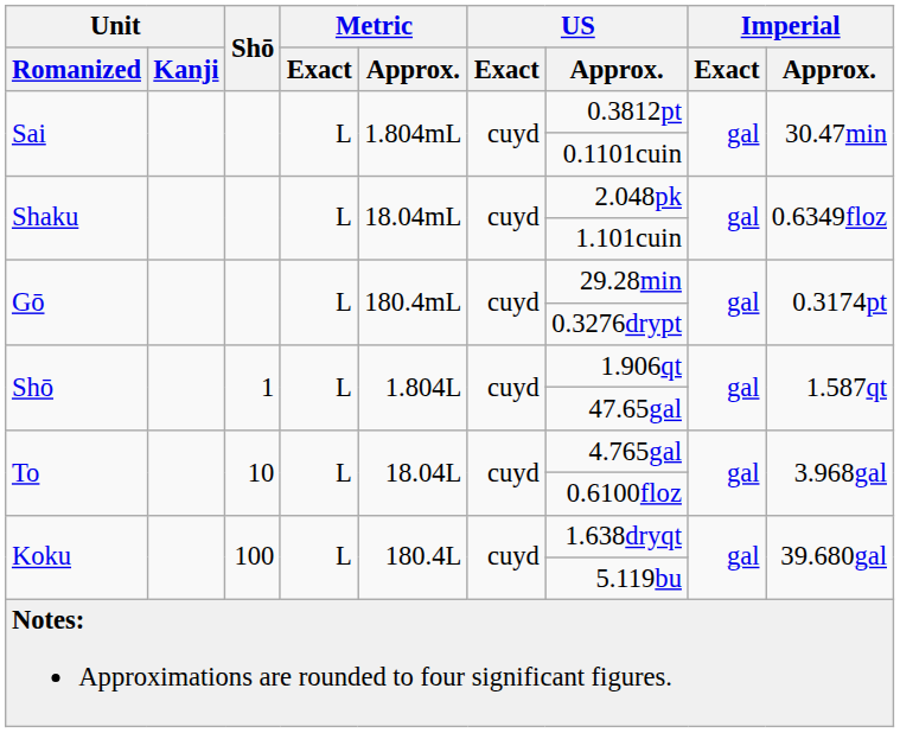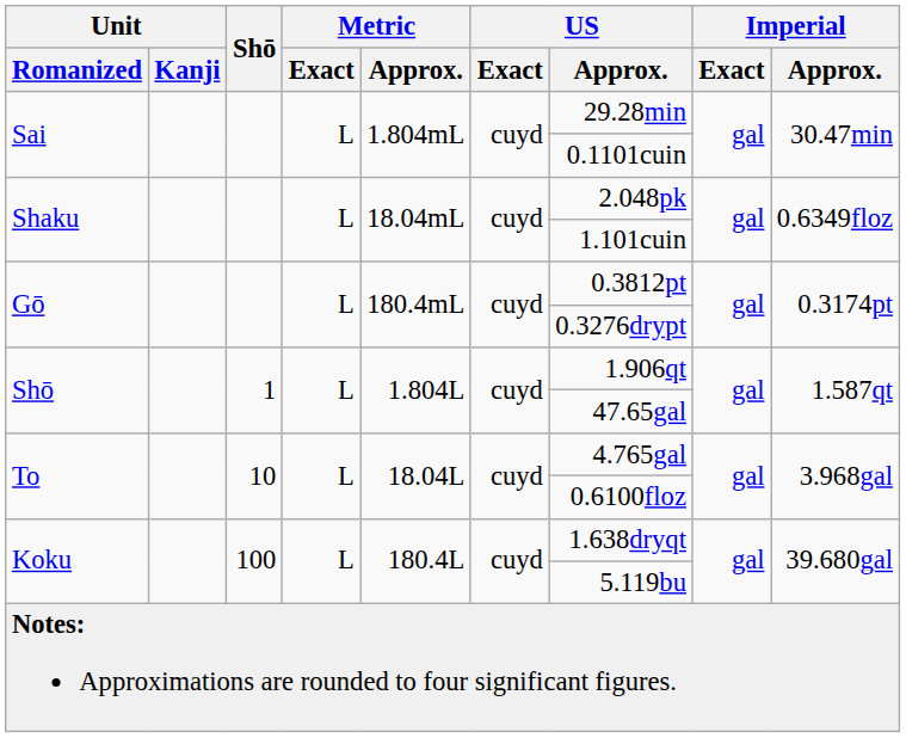 <table class="wikitable">
 <tr>
 <th colspan="2">Unit</th>
 <th rowspan="2">Shō</th>
 <th colspan="2"><a href='#'>Metric</a></th>
 <th colspan="2"><a href='#'>US</a></th>
 <th colspan="3"><a href='#'>Imperial</a></th>
 </tr>
 <tr>
 <th><a href='#'>Romanized</a></th>
 <th><a href='#'>Kanji</a></th>
 <th>Exact</th>
 <th>Approx.</th>
 <th>Exact</th>
 <th>Approx.</th>
 <th>Exact</th>
 <th>Approx.</th>
 </tr>
 <tr style="text-align: right">
 <td rowspan=2  style="text-align:left;"><a href='#'>Sai</a></td>
 <td rowspan=2 align="center"></td>
 <td rowspan=2 height="30pt"></td>
 <td rowspan=2>L</td>
 <td rowspan=2>1.804mL</td>
 <td rowspan=2>cuyd</td>
-<td>0.3812<a href='#'>pt</a></td>
+<td>29.28<a href='#'>min</a></td>
 <td rowspan=2><a href='#'>gal</a></td>
 <td rowspan=2>30.47<a href='#'>min</a></td>
 </tr>
 <tr style="text-align: right">
 <td>0.1101cuin</td>
 </tr>
 <tr style="text-align: right">
 <td rowspan=2  style="text-align:left;"><a href='#'>Shaku</a></td>
 <td rowspan=2 align="center"></td>
 <td rowspan=2 height="30pt"></td>
 <td rowspan=2>L</td>
 <td rowspan=2>18.04mL</td>
 <td rowspan=2>cuyd</td>
 <td>2.048<a href='#'>pk</a></td>
 <td rowspan=2><a href='#'>gal</a></td>
 <td rowspan=2>0.6349<a href='#'>floz</a></td>
 </tr>
 <tr style="text-align: right">
 <td>1.101cuin</td>
 </tr>
 <tr style="text-align: right">
 <td rowspan=2  style="text-align:left;"><a href='#'>Gō</a></td>
 <td rowspan=2 align="center"></td>
 <td rowspan=2 height="30pt"></td>
 <td rowspan=2>L</td>
 <td rowspan=2>180.4mL</td>
 <td rowspan=2>cuyd</td>
-<td>29.28<a href='#'>min</a></td>
+<td>0.3812<a href='#'>pt</a></td>
 <td rowspan=2><a href='#'>gal</a></td>
 <td rowspan=2>0.3174<a href='#'>pt</a></td>
 </tr>
 <tr style="text-align: right">
 <td>0.3276<a href='#'>drypt</a></td>
 </tr>
 <tr style="text-align: right">
 <td rowspan=2  style="text-align:left;"><a href='#'>Shō</a></td>
 <td rowspan=2 align="center"></td>
 <td rowspan=2>1</td>
 <td rowspan=2>L</td>
 <td rowspan=2>1.804L</td>
 <td rowspan=2>cuyd</td>
 <td>1.906<a href='#'>qt</a></td>
 <td rowspan=2><a href='#'>gal</a></td>
 <td rowspan=2>1.587<a href='#'>qt</a></td>
 </tr>
 <tr style="text-align: right">
 <td>47.65<a href='#'>gal</a></td>
 </tr>
 <tr style="text-align: right">
 <td rowspan=2 style="text-align:left;"><a href='#'>To</a></td>
 <td rowspan=2 align="center"></td>
 <td rowspan=2>10</td>
 <td rowspan=2>L</td>
 <td rowspan=2>18.04L</td>
 <td rowspan=2>cuyd</td>
 <td>4.765<a href='#'>gal</a></td>
 <td rowspan=2><a href='#'>gal</a></td>
 <td rowspan=2>3.968<a href='#'>gal</a></td>
 </tr>
 <tr style="text-align: right">
 <td>0.6100<a href='#'>floz</a></td>
 </tr>
 <tr style="text-align: right">
 <td rowspan=2 style="text-align:left;"><a href='#'>Koku</a></td>
 <td rowspan=2 align="center"></td>
 <td rowspan=2>100</td>
 <td rowspan=2>L</td>
 <td rowspan=2>180.4L</td>
 <td rowspan=2>cuyd</td>
 <td>1.638<a href='#'>dryqt</a></td>
 <td rowspan=2><a href='#'>gal</a></td>
 <td rowspan=2>39.680<a href='#'>gal</a></td>
 </tr>
 <tr style="text-align: right">
 <td>5.119<a href='#'>bu</a></td>
 </tr>
 <tr>
 <td colspan="13" bgcolor=#F0F0F0><strong>Notes:</strong><br><ul><li>Approximations are rounded to four significant figures.</li></ul></td>
 </tr>
 </table>
